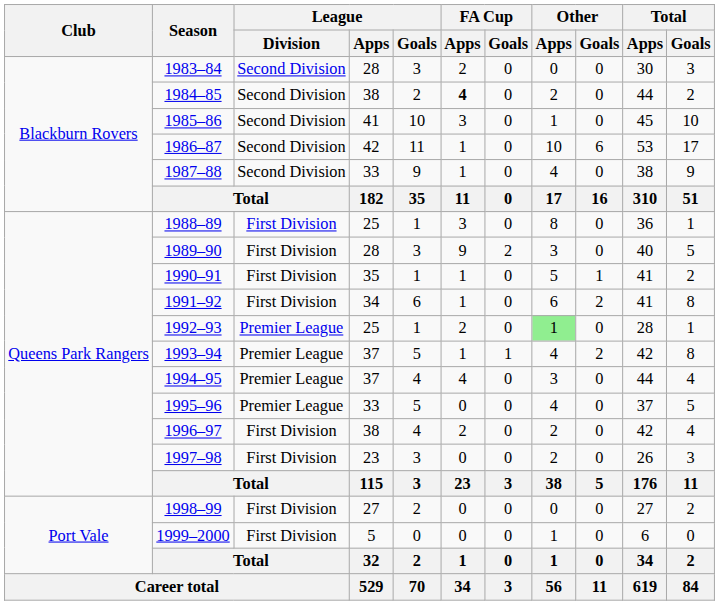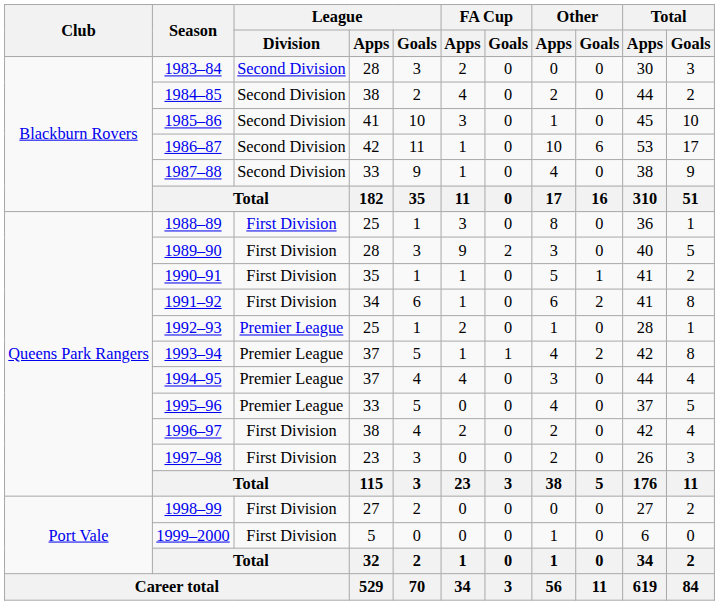 <table class="wikitable" style="text-align: center;">
 <tr>
 <th rowspan="2">Club</th>
 <th rowspan="2">Season</th>
 <th colspan="3">League</th>
 <th colspan="2">FA Cup</th>
 <th colspan="2">Other</th>
 <th colspan="2">Total</th>
 </tr>
 <tr>
 <th>Division</th>
 <th>Apps</th>
 <th>Goals</th>
 <th>Apps</th>
 <th>Goals</th>
 <th>Apps</th>
 <th>Goals</th>
 <th>Apps</th>
 <th>Goals</th>
 </tr>
 <tr>
 <td rowspan="6"><a href='#'>Blackburn Rovers</a></td>
 <td><a href='#'>1983–84</a></td>
 <td><a href='#'>Second Division</a></td>
 <td>28</td>
 <td>3</td>
 <td>2</td>
 <td>0</td>
 <td>0</td>
 <td>0</td>
 <td>30</td>
 <td>3</td>
 </tr>
 <tr>
 <td><a href='#'>1984–85</a></td>
 <td>Second Division</td>
 <td>38</td>
 <td>2</td>
-<td><strong>4</strong></td>
+<td>4</td>
 <td>0</td>
 <td>2</td>
 <td>0</td>
 <td>44</td>
 <td>2</td>
 </tr>
 <tr>
 <td><a href='#'>1985–86</a></td>
 <td>Second Division</td>
 <td>41</td>
 <td>10</td>
 <td>3</td>
 <td>0</td>
 <td>1</td>
 <td>0</td>
 <td>45</td>
 <td>10</td>
 </tr>
 <tr>
 <td><a href='#'>1986–87</a></td>
 <td>Second Division</td>
 <td>42</td>
 <td>11</td>
 <td>1</td>
 <td>0</td>
 <td>10</td>
 <td>6</td>
 <td>53</td>
 <td>17</td>
 </tr>
 <tr>
 <td><a href='#'>1987–88</a></td>
 <td>Second Division</td>
 <td>33</td>
 <td>9</td>
 <td>1</td>
 <td>0</td>
 <td>4</td>
 <td>0</td>
 <td>38</td>
 <td>9</td>
 </tr>
 <tr>
 <th colspan="2">Total</th>
 <th>182</th>
 <th>35</th>
 <th>11</th>
 <th>0</th>
 <th>17</th>
 <th>16</th>
 <th>310</th>
 <th>51</th>
 </tr>
 <tr>
 <td rowspan="11"><a href='#'>Queens Park Rangers</a></td>
 <td><a href='#'>1988–89</a></td>
 <td><a href='#'>First Division</a></td>
 <td>25</td>
 <td>1</td>
 <td>3</td>
 <td>0</td>
 <td>8</td>
 <td>0</td>
 <td>36</td>
 <td>1</td>
 </tr>
 <tr>
 <td><a href='#'>1989–90</a></td>
 <td>First Division</td>
 <td>28</td>
 <td>3</td>
 <td>9</td>
 <td>2</td>
 <td>3</td>
 <td>0</td>
 <td>40</td>
 <td>5</td>
 </tr>
 <tr>
 <td><a href='#'>1990–91</a></td>
 <td>First Division</td>
 <td>35</td>
 <td>1</td>
 <td>1</td>
 <td>0</td>
 <td>5</td>
 <td>1</td>
 <td>41</td>
 <td>2</td>
 </tr>
 <tr>
 <td><a href='#'>1991–92</a></td>
 <td>First Division</td>
 <td>34</td>
 <td>6</td>
 <td>1</td>
 <td>0</td>
 <td>6</td>
 <td>2</td>
 <td>41</td>
 <td>8</td>
 </tr>
 <tr>
 <td><a href='#'>1992–93</a></td>
 <td><a href='#'>Premier League</a></td>
 <td>25</td>
 <td>1</td>
 <td>2</td>
 <td>0</td>
-<td style="background: lightgreen;">1</td>
+<td>1</td>
 <td>0</td>
 <td>28</td>
 <td>1</td>
 </tr>
 <tr>
 <td><a href='#'>1993–94</a></td>
 <td>Premier League</td>
 <td>37</td>
 <td>5</td>
 <td>1</td>
 <td>1</td>
 <td>4</td>
 <td>2</td>
 <td>42</td>
 <td>8</td>
 </tr>
 <tr>
 <td><a href='#'>1994–95</a></td>
 <td>Premier League</td>
 <td>37</td>
 <td>4</td>
 <td>4</td>
 <td>0</td>
 <td>3</td>
 <td>0</td>
 <td>44</td>
 <td>4</td>
 </tr>
 <tr>
 <td><a href='#'>1995–96</a></td>
 <td>Premier League</td>
 <td>33</td>
 <td>5</td>
 <td>0</td>
 <td>0</td>
 <td>4</td>
 <td>0</td>
 <td>37</td>
 <td>5</td>
 </tr>
 <tr>
 <td><a href='#'>1996–97</a></td>
 <td>First Division</td>
 <td>38</td>
 <td>4</td>
 <td>2</td>
 <td>0</td>
 <td>2</td>
 <td>0</td>
 <td>42</td>
 <td>4</td>
 </tr>
 <tr>
 <td><a href='#'>1997–98</a></td>
 <td>First Division</td>
 <td>23</td>
 <td>3</td>
 <td>0</td>
 <td>0</td>
 <td>2</td>
 <td>0</td>
 <td>26</td>
 <td>3</td>
 </tr>
 <tr>
 <th colspan="2">Total</th>
 <th>115</th>
 <th>3</th>
 <th>23</th>
 <th>3</th>
 <th>38</th>
 <th>5</th>
 <th>176</th>
 <th>11</th>
 </tr>
 <tr>
 <td rowspan="3"><a href='#'>Port Vale</a></td>
 <td><a href='#'>1998–99</a></td>
 <td>First Division</td>
 <td>27</td>
 <td>2</td>
 <td>0</td>
 <td>0</td>
 <td>0</td>
 <td>0</td>
 <td>27</td>
 <td>2</td>
 </tr>
 <tr>
 <td><a href='#'>1999–2000</a></td>
 <td>First Division</td>
 <td>5</td>
 <td>0</td>
 <td>0</td>
 <td>0</td>
 <td>1</td>
 <td>0</td>
 <td>6</td>
 <td>0</td>
 </tr>
 <tr>
 <th colspan="2">Total</th>
 <th>32</th>
 <th>2</th>
 <th>1</th>
 <th>0</th>
 <th>1</th>
 <th>0</th>
 <th>34</th>
 <th>2</th>
 </tr>
 <tr>
 <th colspan="3">Career total</th>
 <th>529</th>
 <th>70</th>
 <th>34</th>
 <th>3</th>
 <th>56</th>
 <th>11</th>
 <th>619</th>
 <th>84</th>
 </tr>
 </table>
